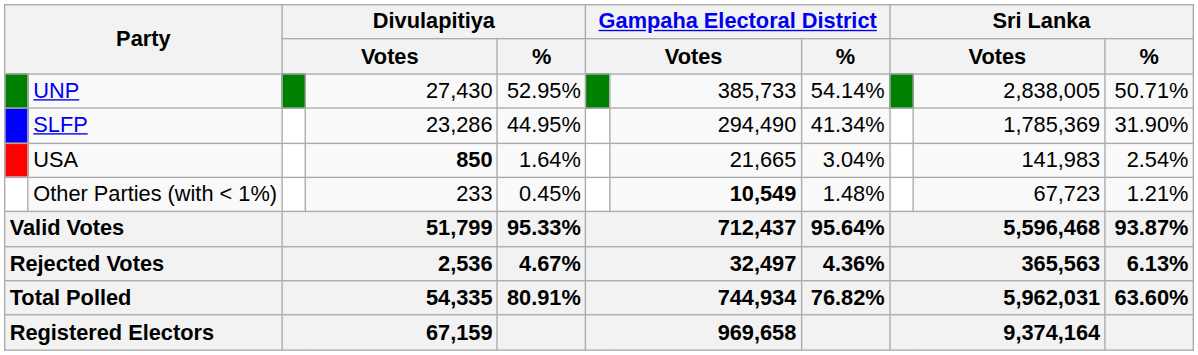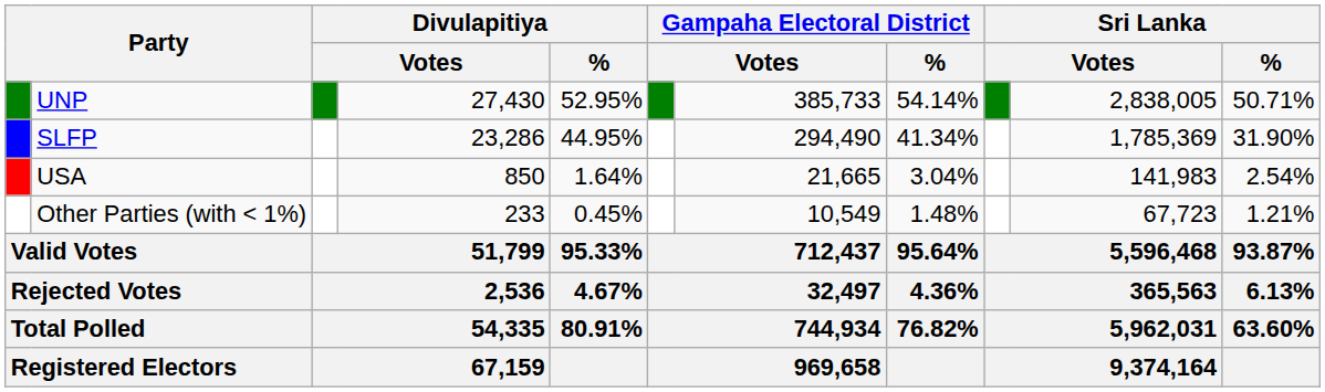 <table class="wikitable">
 <tr>
 <th colspan="2" width="144px"rowspan="2">Party</th>
 <th colspan="3" width="216px">Divulapitiya</th>
 <th colspan="3" width="216px"><a href='#'>Gampaha Electoral District</a></th>
 <th colspan="3" width="216px">Sri Lanka</th>
 </tr>
 <tr>
 <th colspan="2" width="144px">Votes</th>
 <th>%</th>
 <th colspan="2" width="144px">Votes</th>
 <th>%</th>
 <th colspan="2" width="144px">Votes</th>
 <th>%</th>
 </tr>
 <tr>
 <td style="background-color:green;" width="10px"></td>
 <td style="text-align:left;"><a href='#'>UNP</a></td>
 <td style="background-color:green;" width="10px"></td>
 <td style="text-align:right;">27,430</td>
 <td style="text-align:right;">52.95%</td>
 <td style="background-color:green;" width="10px"></td>
 <td style="text-align:right;">385,733</td>
 <td style="text-align:right;">54.14%</td>
 <td style="background-color:green;" width="10px"></td>
 <td style="text-align:right;">2,838,005</td>
 <td style="text-align:right;">50.71%</td>
 </tr>
 <tr>
 <td style="background-color:blue;" width="10px"></td>
 <td style="text-align:left;"><a href='#'>SLFP</a></td>
 <td style="background-color:white;" width="10px"></td>
 <td style="text-align:right;">23,286</td>
 <td style="text-align:right;">44.95%</td>
 <td style="background-color:white;" width="10px"></td>
 <td style="text-align:right;">294,490</td>
 <td style="text-align:right;">41.34%</td>
 <td style="background-color:white;" width="10px"></td>
 <td style="text-align:right;">1,785,369</td>
 <td style="text-align:right;">31.90%</td>
 </tr>
 <tr>
 <td style="background-color:red;" width="10px"></td>
 <td style="text-align:left;">USA</td>
 <td style="background-color:white;" width="10px"></td>
-<td style="text-align:right;"><strong>850</strong></td>
+<td style="text-align:right;">850</td>
 <td style="text-align:right;">1.64%</td>
 <td style="background-color:white;" width="10px"></td>
 <td style="text-align:right;">21,665</td>
 <td style="text-align:right;">3.04%</td>
 <td style="background-color:white;" width="10px"></td>
 <td style="text-align:right;">141,983</td>
 <td style="text-align:right;">2.54%</td>
 </tr>
 <tr>
 <td style="background-color:white;" width="10px"></td>
 <td style="text-align:left;">Other Parties (with < 1%)</td>
 <td style="background-color:white;" width="10px"></td>
 <td style="text-align:right;">233</td>
 <td style="text-align:right;">0.45%</td>
 <td style="background-color:white;" width="10px"></td>
-<td style="text-align:right;"><strong>10,549</strong></td>
+<td style="text-align:right;">10,549</td>
 <td style="text-align:right;">1.48%</td>
 <td style="background-color:white;" width="10px"></td>
 <td style="text-align:right;">67,723</td>
 <td style="text-align:right;">1.21%</td>
 </tr>
 <tr>
 <th colspan="2" width="144px"style="text-align:left;">Valid Votes</th>
 <th style="text-align:right;"colspan="2" width="144px">51,799</th>
 <th style="text-align:right;">95.33%</th>
 <th style="text-align:right;"colspan="2" width="144px">712,437</th>
 <th style="text-align:right;">95.64%</th>
 <th style="text-align:right;"colspan="2" width="144px">5,596,468</th>
 <th style="text-align:right;">93.87%</th>
 </tr>
 <tr>
 <th colspan="2" width="144px"style="text-align:left;">Rejected Votes</th>
 <th style="text-align:right;"colspan="2" width="144px">2,536</th>
 <th style="text-align:right;">4.67%</th>
 <th style="text-align:right;"colspan="2" width="144px">32,497</th>
 <th style="text-align:right;">4.36%</th>
 <th style="text-align:right;"colspan="2" width="144px">365,563</th>
 <th style="text-align:right;">6.13%</th>
 </tr>
 <tr>
 <th colspan="2" width="144px"style="text-align:left;">Total Polled</th>
 <th style="text-align:right;"colspan="2" width="144px">54,335</th>
 <th style="text-align:right;">80.91%</th>
 <th style="text-align:right;"colspan="2" width="144px">744,934</th>
 <th style="text-align:right;">76.82%</th>
 <th style="text-align:right;"colspan="2" width="144px">5,962,031</th>
 <th style="text-align:right;">63.60%</th>
 </tr>
 <tr>
 <th colspan="2" width="144px"style="text-align:left;">Registered Electors</th>
 <th style="text-align:right;"colspan="2" width="144px">67,159</th>
 <th></th>
 <th style="text-align:right;"colspan="2" width="144px">969,658</th>
 <th></th>
 <th style="text-align:right;"colspan="2" width="144px">9,374,164</th>
 <th></th>
 </tr>
 </table>
